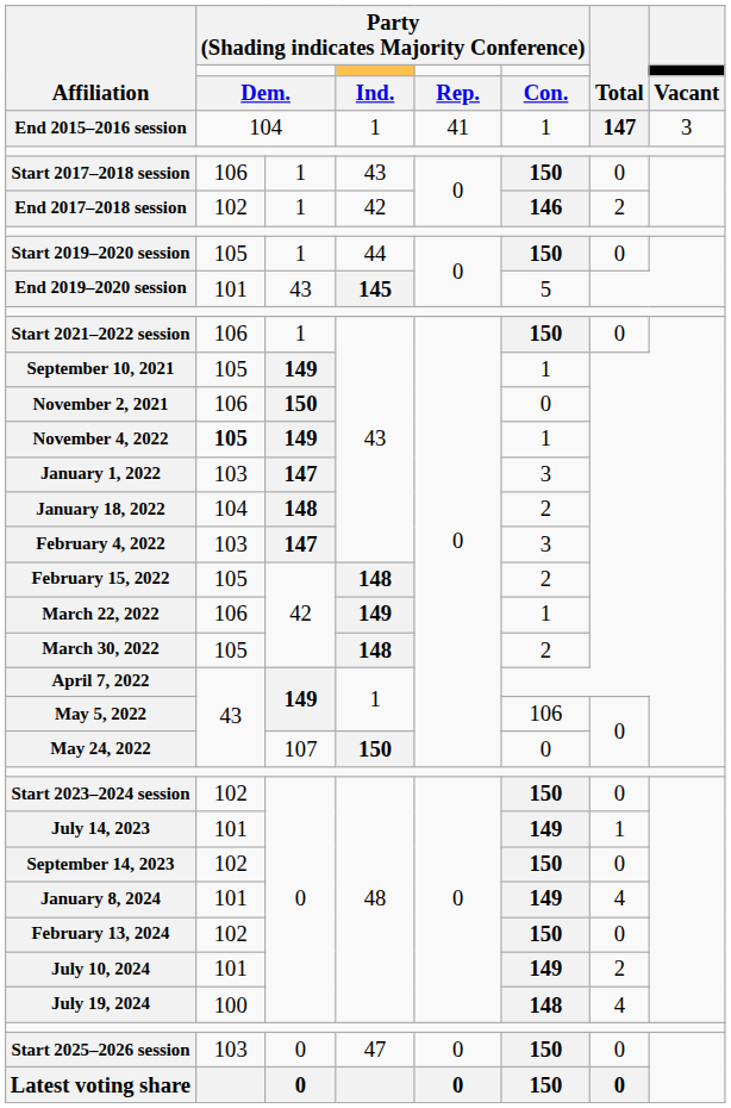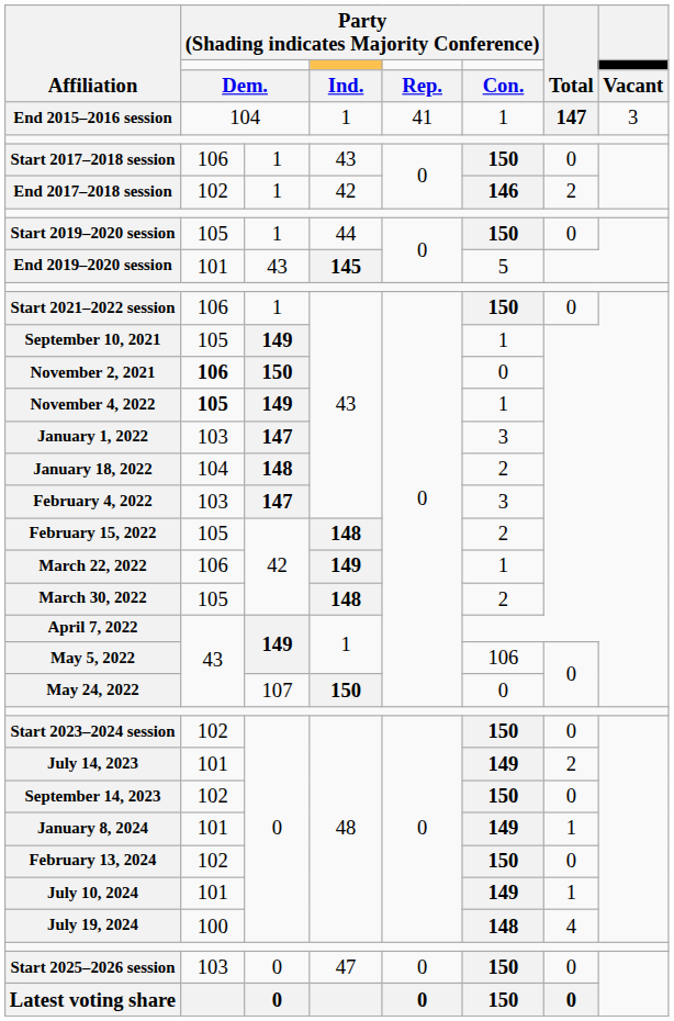 <table class=wikitable style="text-align:center">
 <tr style="vertical-align:bottom;">
 <th rowspan=3>Affiliation</th>
 <th colspan=5>Party <div>(Shading indicates Majority Conference)</div></th>
 <th rowspan=3>Total</th>
 <th></th>
 </tr>
 <tr style="height:5px">
 <td colspan=2 style="background-color:"></td>
 <td style="background:#ffc14e;"></td>
 <td style="background-color:"></td>
 <td style="background-color:"></td>
 <td style="background:black;"></td>
 </tr>
 <tr>
 <th colspan=2><a href='#'>Dem.</a></th>
 <th><a href='#'>Ind.</a></th>
 <th><a href='#'>Rep.</a></th>
 <th><a href='#'>Con.</a></th>
 <th>Vacant</th>
 </tr>
 <tr>
 <th nowrap style="font-size:80%">End 2015–2016 session</th>
 <td colspan=2 >104</td>
 <td>1</td>
 <td>41</td>
 <td>1</td>
 <th>147</th>
 <td>3</td>
 </tr>
 <tr>
 <td colspan=8></td>
 </tr>
 <tr>
 <th nowrap style="font-size:80%">Start 2017–2018 session</th>
 <td>106</td>
 <td>1</td>
 <td>43</td>
 <td rowspan=2>0</td>
 <th>150</th>
 <td>0</td>
 </tr>
 <tr>
 <th nowrap style="font-size:80%">End 2017–2018 session</th>
 <td>102</td>
 <td>1</td>
 <td>42</td>
 <th>146</th>
 <td>2</td>
 </tr>
 <tr>
 <td colspan=8></td>
 </tr>
 <tr>
 <th nowrap style="font-size:80%">Start 2019–2020 session</th>
 <td>105</td>
 <td>1</td>
 <td>44</td>
 <td rowspan=2>0</td>
 <th>150</th>
 <td>0</td>
 </tr>
 <tr>
 <th nowrap style="font-size:80%">End 2019–2020 session</th>
 <td>101</td>
 <td>43</td>
 <th>145</th>
 <td>5</td>
 </tr>
 <tr>
 <td colspan=8></td>
 </tr>
 <tr>
 <th nowrap style="font-size:80%">Start 2021–2022 session</th>
 <td>106</td>
 <td>1</td>
 <td rowspan=7>43</td>
 <td rowspan=13>0</td>
 <th>150</th>
 <td>0</td>
 </tr>
 <tr>
 <th nowrap style="font-size:80%">September 10, 2021</th>
 <td>105</td>
 <th>149</th>
 <td>1</td>
 </tr>
 <tr>
 <th nowrap style="font-size:80%">November 2, 2021</th>
-<td>106</td>
+<td><strong>106</strong></td>
 <th>150</th>
 <td>0</td>
 </tr>
 <tr>
 <th nowrap style="font-size:80%">November 4, 2022</th>
 <td><strong>105</strong></td>
 <th>149</th>
 <td>1</td>
 </tr>
 <tr>
 <th nowrap style="font-size:80%">January 1, 2022</th>
 <td>103</td>
 <th>147</th>
 <td>3</td>
 </tr>
 <tr>
 <th nowrap style="font-size:80%">January 18, 2022</th>
 <td>104</td>
 <th>148</th>
 <td>2</td>
 </tr>
 <tr>
 <th nowrap style="font-size:80%">February 4, 2022</th>
 <td>103</td>
 <th>147</th>
 <td>3</td>
 </tr>
 <tr>
 <th nowrap style="font-size:80%">February 15, 2022</th>
 <td>105</td>
 <td rowspan=3>42</td>
 <th>148</th>
 <td>2</td>
 </tr>
 <tr>
 <th nowrap style="font-size:80%">March 22, 2022</th>
 <td>106</td>
 <th>149</th>
 <td>1</td>
 </tr>
 <tr>
 <th nowrap style="font-size:80%">March 30, 2022</th>
 <td>105</td>
 <th>148</th>
 <td>2</td>
 </tr>
 <tr>
 <th nowrap style="font-size:80%">April 7, 2022</th>
 <td rowspan=3>43</td>
 <th rowspan=2>149</th>
 <td rowspan=2>1</td>
 </tr>
 <tr>
 <th nowrap style="font-size:80%">May 5, 2022</th>
 <td>106</td>
 <td rowspan = 2>0</td>
 </tr>
 <tr>
 <th nowrap style="font-size:80%">May 24, 2022</th>
 <td>107</td>
 <th>150</th>
 <td>0</td>
 </tr>
 <tr>
 <td colspan=8></td>
 </tr>
 <tr>
 <th nowrap style="font-size:80%">Start 2023–2024 session</th>
 <td>102</td>
 <td rowspan=7>0</td>
 <td rowspan=7>48</td>
 <td rowspan=7>0</td>
 <th>150</th>
 <td>0</td>
 </tr>
 <tr>
 <th nowrap style="font-size:80%">July 14, 2023</th>
 <td>101</td>
 <th>149</th>
-<td>1</td>
+<td>2</td>
 </tr>
 <tr>
 <th nowrap style="font-size:80%">September 14, 2023</th>
 <td>102</td>
 <th>150</th>
 <td>0</td>
 </tr>
 <tr>
 <th nowrap style="font-size:80%">January 8, 2024</th>
 <td>101</td>
 <th>149</th>
-<td>4</td>
+<td>1</td>
 </tr>
 <tr>
 <th nowrap style="font-size:80%">February 13, 2024</th>
 <td>102</td>
 <th>150</th>
 <td>0</td>
 </tr>
 <tr>
 <th nowrap style="font-size:80%">July 10, 2024</th>
 <td>101</td>
 <th>149</th>
-<td>2</td>
+<td>1</td>
 </tr>
 <tr>
 <th nowrap style="font-size:80%">July 19, 2024</th>
 <td>100</td>
 <th>148</th>
 <td>4</td>
 </tr>
 <tr>
 <td colspan=8></td>
 </tr>
 <tr>
 <th nowrap style="font-size:80%">Start 2025–2026 session</th>
 <td>103</td>
 <td rowspan=1>0</td>
 <td rowspan=1>47</td>
 <td rowspan=1>0</td>
 <th>150</th>
 <td>0</td>
 </tr>
 <tr>
 <th>Latest voting share</th>
 <th></th>
 <th rowspan=1>0</th>
 <th></th>
 <th rowspan=1>0</th>
 <th rowspan=1>150</th>
 <th rowspan=1>0</th>
 </tr>
 </table>
